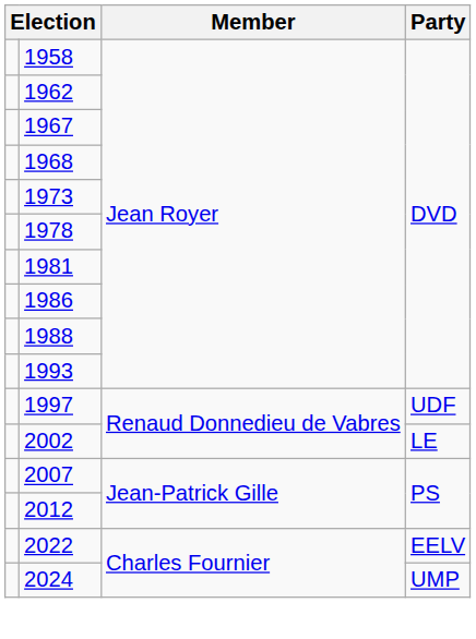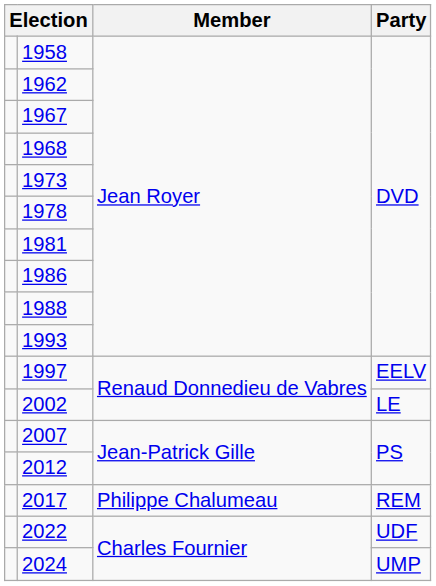 <table class="wikitable">
 <tr>
 <th colspan="2">Election</th>
 <th>Member</th>
 <th>Party</th>
 </tr>
 <tr>
 <td style="color:inherit;background-color:"></td>
 <td><a href='#'>1958</a></td>
 <td rowspan=10><a href='#'>Jean Royer</a></td>
 <td rowspan=10><a href='#'>DVD</a></td>
 </tr>
 <tr>
 <td style="color:inherit;background-color:"></td>
 <td><a href='#'>1962</a></td>
 </tr>
 <tr>
 <td style="color:inherit;background-color:"></td>
 <td><a href='#'>1967</a></td>
 </tr>
 <tr>
 <td style="color:inherit;background-color:"></td>
 <td><a href='#'>1968</a></td>
 </tr>
 <tr>
 <td style="color:inherit;background-color:"></td>
 <td><a href='#'>1973</a></td>
 </tr>
 <tr>
 <td style="color:inherit;background-color:"></td>
 <td><a href='#'>1978</a></td>
 </tr>
 <tr>
 <td style="color:inherit;background-color:"></td>
 <td><a href='#'>1981</a></td>
 </tr>
 <tr>
 <td style="color:inherit;background-color:"></td>
 <td><a href='#'>1986</a></td>
 </tr>
 <tr>
 <td style="color:inherit;background-color:"></td>
 <td><a href='#'>1988</a></td>
 </tr>
 <tr>
 <td style="color:inherit;background-color:"></td>
 <td><a href='#'>1993</a></td>
 </tr>
 <tr>
 <td style="color:inherit;background-color:"></td>
 <td><a href='#'>1997</a></td>
 <td rowspan=2><a href='#'>Renaud Donnedieu de Vabres</a></td>
-<td><a href='#'>UDF</a></td>
+<td><a href='#'>EELV</a></td>
 </tr>
 <tr>
 <td style="color:inherit;background-color:"></td>
 <td><a href='#'>2002</a></td>
 <td><a href='#'>LE</a></td>
 </tr>
 <tr>
 <td style="color:inherit;background-color:"></td>
 <td><a href='#'>2007</a></td>
 <td rowspan="2"><a href='#'>Jean-Patrick Gille</a></td>
 <td rowspan="2"><a href='#'>PS</a></td>
 </tr>
 <tr>
 <td style="color:inherit;background-color:"></td>
 <td><a href='#'>2012</a></td>
 </tr>
 <tr>
 <td style="color:inherit;background-color: "></td>
+<td><a href='#'>2017</a></td>
+<td><a href='#'>Philippe Chalumeau</a></td>
+<td><a href='#'>REM</a></td>
+</tr>
+<tr>
+<td style="color:inherit;background-color: "></td>
 <td><a href='#'>2022</a></td>
 <td rowspan="2"><a href='#'>Charles Fournier</a></td>
-<td><a href='#'>EELV</a></td>
+<td><a href='#'>UDF</a></td>
 </tr>
 <tr>
 <td style="color:inherit;background-color: "></td>
 <td><a href='#'>2024</a></td>
 <td><a href='#'>UMP</a></td>
 </tr>
 </table>
